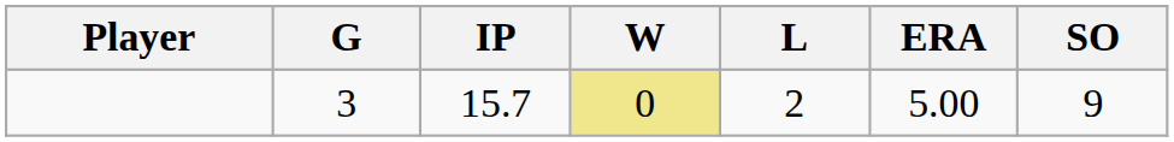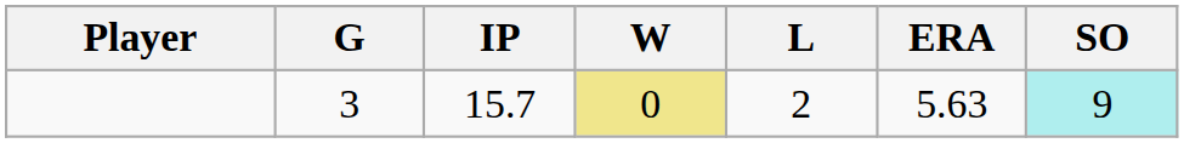 <table class="wikitable sortable">
 <tr>
 <th bgcolor="#DDDDFF" width="16%">Player</th>
 <th bgcolor="#DDDDFF" width="9%">G</th>
 <th bgcolor="#DDDDFF" width="9%">IP</th>
 <th bgcolor="#DDDDFF" width="9%">W</th>
 <th bgcolor="#DDDDFF" width="9%">L</th>
 <th bgcolor="#DDDDFF" width="9%">ERA</th>
 <th bgcolor="#DDDDFF" width="9%">SO</th>
 </tr>
 <tr align="center">
 <td></td>
 <td>3</td>
 <td>15.7</td>
 <td style="background: khaki;">0</td>
 <td>2</td>
-<td>5.00</td>
-<td>9</td>
+<td>5.63</td>
+<td style="background: paleturquoise;">9</td>
 </tr>
 </table>
